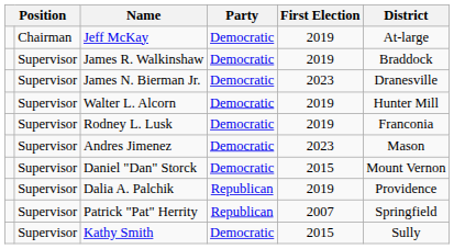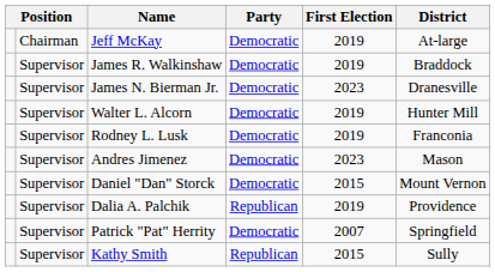 <table class=wikitable>
 <tr>
 <th colspan="2" style="text-align:center; vertical-align:bottom;">Position</th>
 <th style="text-align:center;">Name</th>
 <th valign=bottom>Party</th>
 <th style="vertical-align:bottom; text-align:center;">First Election</th>
 <th style="vertical-align:bottom; text-align:center;">District</th>
 </tr>
 <tr>
 <td style="background-color:"> </td>
 <td>Chairman</td>
 <td><a href='#'>Jeff McKay</a></td>
 <td style="text-align:center;"><a href='#'>Democratic</a></td>
 <td style="text-align:center;">2019</td>
 <td style="text-align:center;">At-large</td>
 </tr>
 <tr>
 <td style="background-color:"> </td>
 <td>Supervisor</td>
 <td>James R. Walkinshaw</td>
 <td style="text-align:center;"><a href='#'>Democratic</a></td>
 <td style="text-align:center;">2019</td>
 <td style="text-align:center;">Braddock</td>
 </tr>
 <tr>
 <td style="background-color:"> </td>
 <td>Supervisor</td>
 <td>James N. Bierman Jr.</td>
 <td style="text-align:center;"><a href='#'>Democratic</a></td>
 <td style="text-align:center;">2023</td>
 <td style="text-align:center;">Dranesville</td>
 </tr>
 <tr>
 <td style="background-color:"> </td>
 <td>Supervisor</td>
 <td>Walter L. Alcorn</td>
 <td style="text-align:center;"><a href='#'>Democratic</a></td>
 <td style="text-align:center;">2019</td>
 <td style="text-align:center;">Hunter Mill</td>
 </tr>
 <tr>
 <td style="background-color:"> </td>
 <td>Supervisor</td>
 <td>Rodney L. Lusk</td>
 <td style="text-align:center;"><a href='#'>Democratic</a></td>
 <td style="text-align:center;">2019</td>
 <td style="text-align:center;">Franconia</td>
 </tr>
 <tr>
 <td style="background-color:"> </td>
 <td>Supervisor</td>
 <td>Andres Jimenez</td>
 <td style="text-align:center;"><a href='#'>Democratic</a></td>
 <td style="text-align:center;">2023</td>
 <td style="text-align:center;">Mason</td>
 </tr>
 <tr>
 <td style="background-color:"> </td>
 <td>Supervisor</td>
 <td>Daniel "Dan" Storck</td>
 <td style="text-align:center;"><a href='#'>Democratic</a></td>
 <td style="text-align:center;">2015</td>
 <td style="text-align:center;">Mount Vernon</td>
 </tr>
 <tr>
 <td style="background-color:"> </td>
 <td>Supervisor</td>
 <td>Dalia A. Palchik</td>
 <td style="text-align:center;"><a href='#'>Republican</a></td>
 <td style="text-align:center;">2019</td>
 <td style="text-align:center;">Providence</td>
 </tr>
 <tr>
 <td style="background-color:"> </td>
 <td>Supervisor</td>
 <td>Patrick "Pat" Herrity</td>
-<td style="text-align:center;"><a href='#'>Republican</a></td>
+<td style="text-align:center;"><a href='#'>Democratic</a></td>
 <td style="text-align:center;">2007</td>
 <td style="text-align:center;">Springfield</td>
 </tr>
 <tr>
 <td style="background-color:"> </td>
 <td>Supervisor</td>
 <td><a href='#'>Kathy Smith</a></td>
-<td style="text-align:center;"><a href='#'>Democratic</a></td>
+<td style="text-align:center;"><a href='#'>Republican</a></td>
 <td style="text-align:center;">2015</td>
 <td style="text-align:center;">Sully</td>
 </tr>
 </table>
